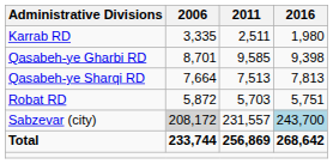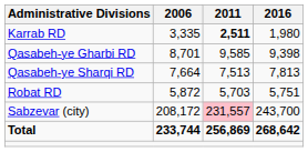 <table class="wikitable">
 <tr>
 <th>Administrative Divisions</th>
 <th>2006</th>
 <th>2011</th>
 <th>2016</th>
 </tr>
 <tr>
 <td><a href='#'>Karrab RD</a></td>
 <td style="text-align: right;">3,335</td>
-<td style="text-align: right;">2,511</td>
+<td style="text-align: right;"><strong>2,511</strong></td>
 <td style="text-align: right;">1,980</td>
 </tr>
 <tr>
 <td><a href='#'>Qasabeh-ye Gharbi RD</a></td>
 <td style="text-align: right;">8,701</td>
 <td style="text-align: right;">9,585</td>
 <td style="text-align: right;">9,398</td>
 </tr>
 <tr>
 <td><a href='#'>Qasabeh-ye Sharqi RD</a></td>
 <td style="text-align: right;">7,664</td>
 <td style="text-align: right;">7,513</td>
 <td style="text-align: right;">7,813</td>
 </tr>
 <tr>
 <td><a href='#'>Robat RD</a></td>
 <td style="text-align: right;">5,872</td>
 <td style="text-align: right;">5,703</td>
 <td style="text-align: right;">5,751</td>
 </tr>
 <tr>
 <td><a href='#'>Sabzevar</a> (city)</td>
-<td style="background: lightgrey; text-align: right;">208,172</td>
-<td style="text-align: right;">231,557</td>
-<td style="background: lightblue; text-align: right;">243,700</td>
+<td style="text-align: right;">208,172</td>
+<td style="background: pink; text-align: right;">231,557</td>
+<td style="text-align: right;">243,700</td>
 </tr>
 <tr>
 <td><strong>Total</strong></td>
 <td style="text-align: right;"><strong>233,744</strong></td>
 <td style="text-align: right;"><strong>256,869</strong></td>
 <td style="text-align: right;"><strong>268,642</strong></td>
 </tr>
 <tr>
 <td colspan=4></td>
 </tr>
 </table>
